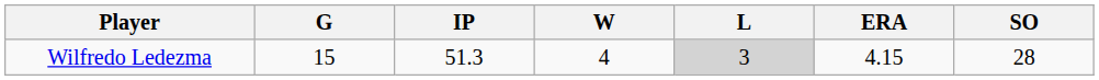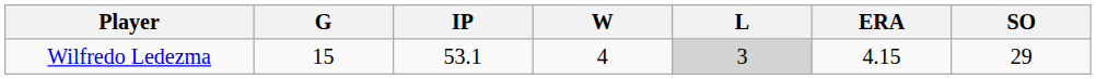 <table class="wikitable sortable">
 <tr>
 <th bgcolor="#DDDDFF" width="16%">Player</th>
 <th bgcolor="#DDDDFF" width="9%">G</th>
 <th bgcolor="#DDDDFF" width="9%">IP</th>
 <th bgcolor="#DDDDFF" width="9%">W</th>
 <th bgcolor="#DDDDFF" width="9%">L</th>
 <th bgcolor="#DDDDFF" width="9%">ERA</th>
 <th bgcolor="#DDDDFF" width="9%">SO</th>
 </tr>
 <tr align=center>
 <td><a href='#'>Wilfredo Ledezma</a></td>
 <td>15</td>
-<td>51.3</td>
+<td>53.1</td>
 <td>4</td>
 <td style="background: lightgrey;">3</td>
 <td>4.15</td>
-<td>28</td>
+<td>29</td>
 </tr>
 </table>
